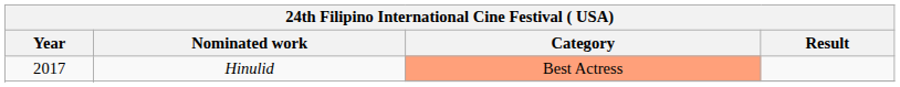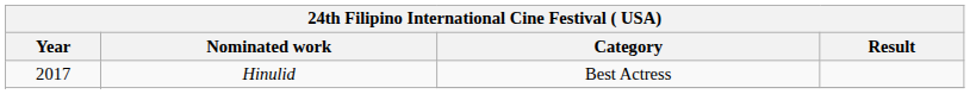 <table width="70%" class="wikitable sortable">
 <tr>
 <th colspan="4" align="center">24th Filipino International Cine Festival ( USA)</th>
 </tr>
 <tr>
 <th width="10%">Year</th>
 <th width="35%">Nominated work</th>
 <th width="40%">Category</th>
 <th width="15%">Result</th>
 </tr>
 <tr>
 <td rowspan = 2 align="center">2017</td>
 <td rowspan = 2 align="center"><em>Hinulid</em></td>
-<td align="center" style="background: lightsalmon;">Best Actress</td>
+<td align="center">Best Actress</td>
 <td></td>
 </tr>
 <tr>
 </tr>
 </table>
